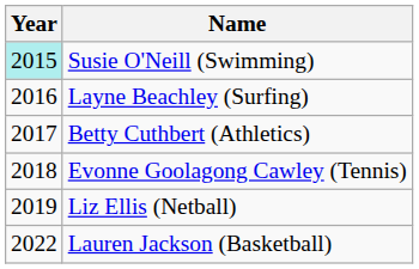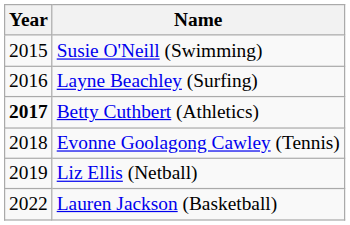 <table class="wikitable sortable">
 <tr>
 <th>Year</th>
 <th>Name</th>
 </tr>
 <tr>
-<td style="background: paleturquoise;">2015</td>
+<td>2015</td>
 <td><a href='#'>Susie O'Neill</a> (Swimming)</td>
 </tr>
 <tr>
 <td>2016</td>
 <td><a href='#'>Layne Beachley</a> (Surfing)</td>
 </tr>
 <tr>
-<td>2017</td>
+<td><strong>2017</strong></td>
 <td><a href='#'>Betty Cuthbert</a> (Athletics)</td>
 </tr>
 <tr>
 <td>2018</td>
 <td><a href='#'>Evonne Goolagong Cawley</a> (Tennis)</td>
 </tr>
 <tr>
 <td>2019</td>
 <td><a href='#'>Liz Ellis</a> (Netball)</td>
 </tr>
 <tr>
 <td>2022</td>
 <td><a href='#'>Lauren Jackson</a> (Basketball)</td>
 </tr>
 </table>
